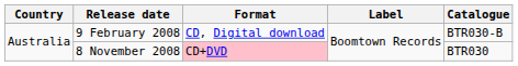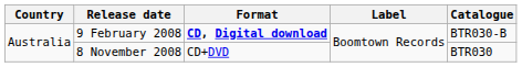 <table class="wikitable">
 <tr>
 <th>Country</th>
 <th>Release date</th>
 <th>Format</th>
 <th>Label</th>
 <th>Catalogue</th>
 </tr>
 <tr>
 <td rowspan="2">Australia</td>
 <td>9 February 2008</td>
-<td><a href='#'>CD</a>, <a href='#'>Digital download</a></td>
+<td><strong><a href='#'>CD</a>, <a href='#'>Digital download</a></strong></td>
 <td rowspan="2">Boomtown Records</td>
 <td>BTR030-B</td>
 </tr>
 <tr>
 <td>8 November 2008</td>
-<td style="background: pink;">CD+<a href='#'>DVD</a></td>
+<td>CD+<a href='#'>DVD</a></td>
 <td>BTR030</td>
 </tr>
 </table>
